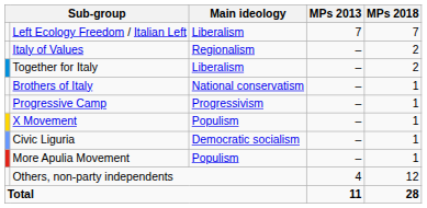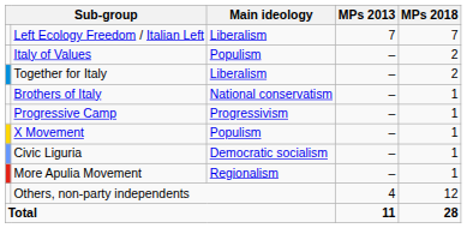 <table class="wikitable" style="font-size:100%">
 <tr>
 <th colspan=2>Sub-group</th>
 <th>Main ideology</th>
 <th>MPs 2013</th>
 <th>MPs 2018</th>
 </tr>
 <tr>
 <td></td>
 <td><a href='#'>Left Ecology Freedom</a> / <a href='#'>Italian Left</a></td>
 <td><a href='#'>Liberalism</a></td>
 <td align=right>7</td>
 <td align=right>7</td>
 </tr>
 <tr>
 <td></td>
 <td><a href='#'>Italy of Values</a></td>
-<td><a href='#'>Regionalism</a></td>
+<td><a href='#'>Populism</a></td>
 <td align=right>–</td>
 <td align=right>2</td>
 </tr>
 <tr>
 <td bgcolor="#0090DD"></td>
 <td>Together for Italy</td>
 <td><a href='#'>Liberalism</a></td>
 <td align=right>–</td>
 <td align=right>2</td>
 </tr>
 <tr>
 <td></td>
 <td><a href='#'>Brothers of Italy</a></td>
 <td><a href='#'>National conservatism</a></td>
 <td align=right>–</td>
 <td align=right>1</td>
 </tr>
 <tr>
 <td></td>
 <td><a href='#'>Progressive Camp</a></td>
 <td><a href='#'>Progressivism</a></td>
 <td align=right>–</td>
 <td align=right>1</td>
 </tr>
 <tr>
 <td bgcolor="gold"></td>
 <td><a href='#'>X Movement</a></td>
 <td><a href='#'>Populism</a></td>
 <td align=right>–</td>
 <td align=right>1</td>
 </tr>
 <tr>
 <td bgcolor="#6698FF"></td>
 <td>Civic Liguria</td>
 <td><a href='#'>Democratic socialism</a></td>
 <td align=right>–</td>
 <td align=right>1</td>
 </tr>
 <tr>
 <td bgcolor="#E42217"></td>
 <td>More Apulia Movement</td>
-<td><a href='#'>Populism</a></td>
+<td><a href='#'>Regionalism</a></td>
 <td align=right>–</td>
 <td align=right>1</td>
 </tr>
 <tr>
 <td></td>
 <td colspan=2>Others, non-party independents</td>
 <td align=right>4</td>
 <td align=right>12</td>
 </tr>
 <tr>
 <td colspan=3><strong>Total</strong></td>
 <td align=right><strong>11</strong></td>
 <td align=right><strong>28</strong></td>
 </tr>
 </table>
